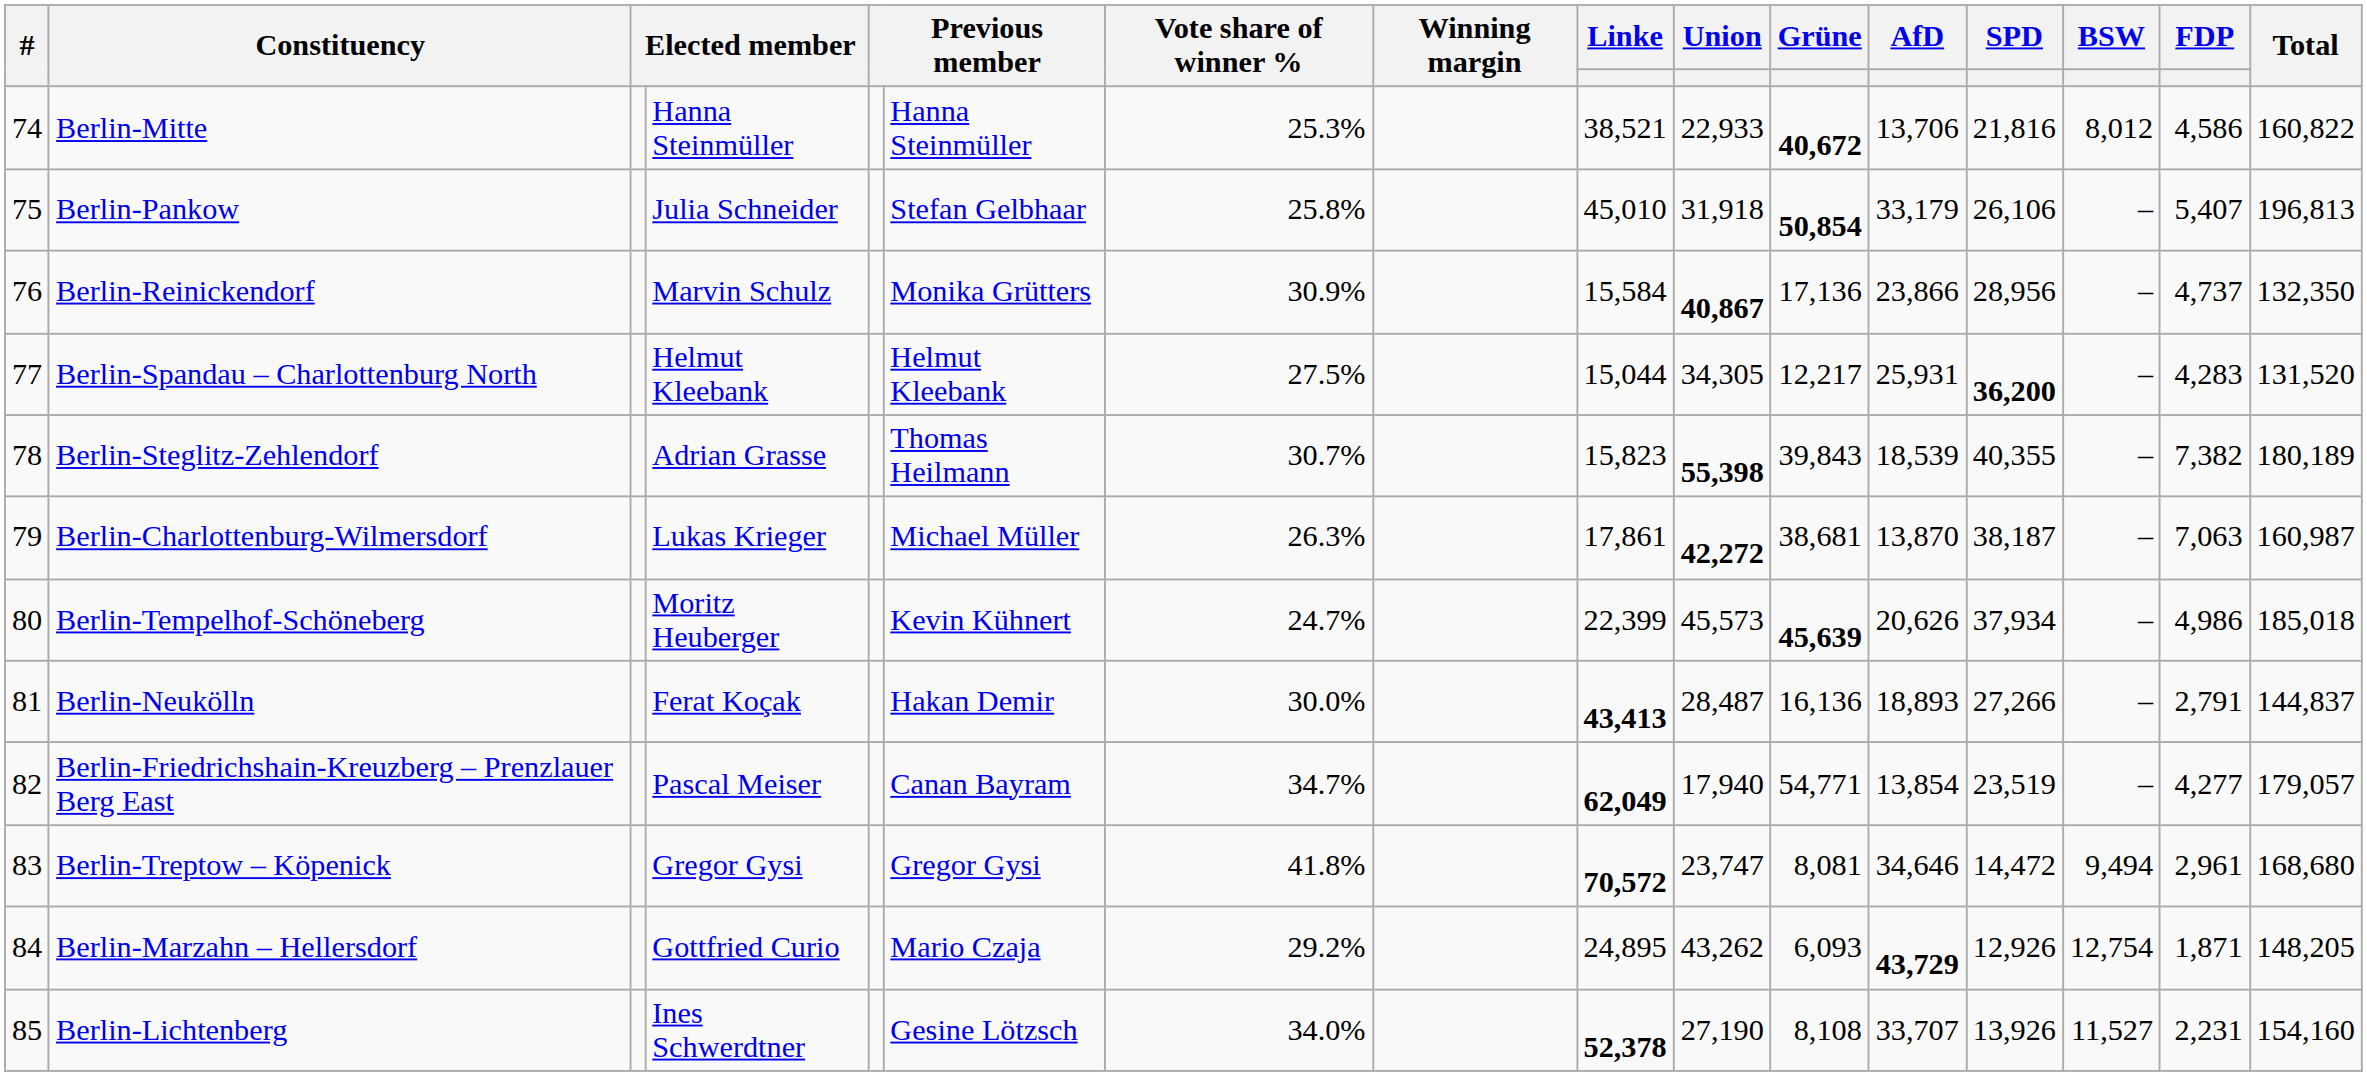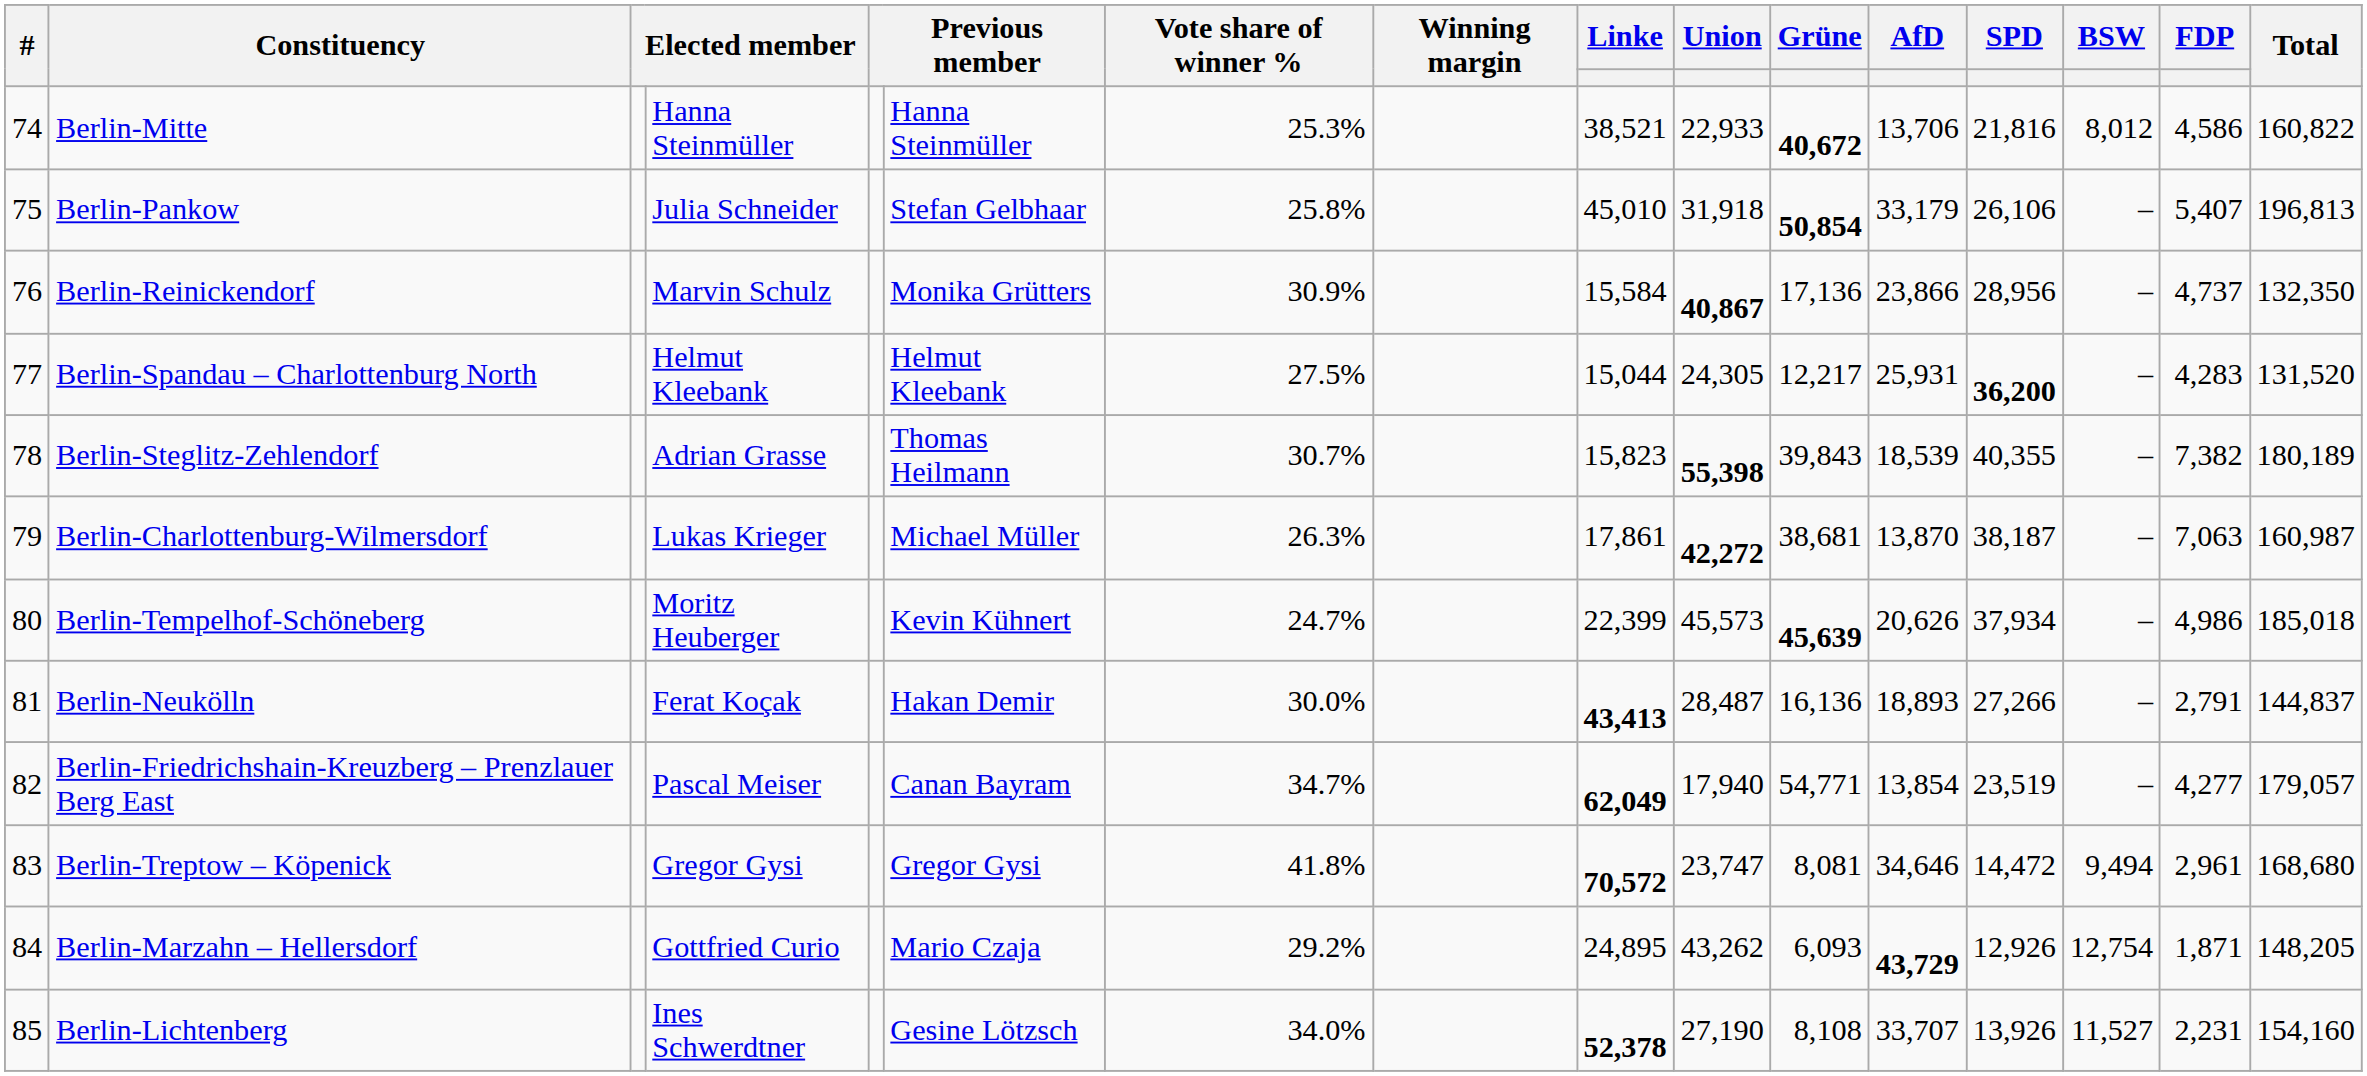 <table class="wikitable sortable" style="text-align:right">
 <tr>
 <th rowspan="2">#</th>
 <th rowspan="2">Constituency</th>
 <th rowspan="2" colspan="2">Elected member</th>
 <th rowspan="2" colspan="2">Previous member</th>
 <th rowspan="2">Vote share of winner %</th>
 <th rowspan="2">Winning margin</th>
 <th class="wikitable sortable" style="width:40px;"><a href='#'>Linke</a></th>
 <th class="wikitable sortable" style="width:40px;"><a href='#'>Union</a></th>
 <th class="wikitable sortable" style="width:40px;"><a href='#'>Grüne</a></th>
 <th class="wikitable sortable" style="width:40px;"><a href='#'>AfD</a></th>
 <th class="wikitable sortable" style="width:40px;"><a href='#'>SPD</a></th>
 <th class="wikitable sortable" style="width:40px;"><a href='#'>BSW</a></th>
 <th class="wikitable sortable" style="width:40px;"><a href='#'>FDP</a></th>
 <th class="wikitable sortable" style="width:40px;" rowspan="2">Total</th>
 </tr>
 <tr>
 <th class="wikitable sortable" style="background:"></th>
 <th class="wikitable sortable" style="background:"></th>
 <th class="wikitable sortable" style="background:"></th>
 <th class="wikitable sortable" style="background:"></th>
 <th class="wikitable sortable" style="background:"></th>
 <th class="wikitable sortable" style="background:"></th>
 <th class="wikitable sortable" style="background:"></th>
 </tr>
 <tr>
 <td>74</td>
 <td align=left><a href='#'>Berlin-Mitte</a></td>
 <td bgcolor=></td>
 <td align=left><a href='#'>Hanna Steinmüller</a></td>
 <td bgcolor=></td>
 <td align=left><a href='#'>Hanna Steinmüller</a></td>
 <td>25.3%</td>
 <td></td>
 <td>38,521</td>
 <td>22,933</td>
 <td><br><strong>40,672</strong></td>
 <td>13,706</td>
 <td>21,816</td>
 <td>8,012</td>
 <td>4,586</td>
 <td>160,822</td>
 </tr>
 <tr>
 <td>75</td>
 <td align=left><a href='#'>Berlin-Pankow</a></td>
 <td bgcolor=></td>
 <td align=left><a href='#'>Julia Schneider</a></td>
 <td bgcolor=></td>
 <td align=left><a href='#'>Stefan Gelbhaar</a></td>
 <td>25.8%</td>
 <td></td>
 <td>45,010</td>
 <td>31,918</td>
 <td><br><strong>50,854</strong></td>
 <td>33,179</td>
 <td>26,106</td>
 <td>–</td>
 <td>5,407</td>
 <td>196,813</td>
 </tr>
 <tr>
 <td>76</td>
 <td align=left><a href='#'>Berlin-Reinickendorf</a></td>
 <td bgcolor=></td>
 <td align=left><a href='#'>Marvin Schulz</a></td>
 <td bgcolor=></td>
 <td align=left><a href='#'>Monika Grütters</a></td>
 <td>30.9%</td>
 <td></td>
 <td>15,584</td>
 <td><br><strong>40,867</strong></td>
 <td>17,136</td>
 <td>23,866</td>
 <td>28,956</td>
 <td>–</td>
 <td>4,737</td>
 <td>132,350</td>
 </tr>
 <tr>
 <td>77</td>
 <td align=left><a href='#'>Berlin-Spandau – Charlottenburg North</a></td>
 <td bgcolor=></td>
 <td align=left><a href='#'>Helmut Kleebank</a></td>
 <td bgcolor=></td>
 <td align=left><a href='#'>Helmut Kleebank</a></td>
 <td>27.5%</td>
 <td></td>
 <td>15,044</td>
-<td>34,305</td>
+<td>24,305</td>
 <td>12,217</td>
 <td>25,931</td>
 <td><br><strong>36,200</strong></td>
 <td>–</td>
 <td>4,283</td>
 <td>131,520</td>
 </tr>
 <tr>
 <td>78</td>
 <td align=left><a href='#'>Berlin-Steglitz-Zehlendorf</a></td>
 <td bgcolor=></td>
 <td align=left><a href='#'>Adrian Grasse</a></td>
 <td bgcolor=></td>
 <td align=left><a href='#'>Thomas Heilmann</a></td>
 <td>30.7%</td>
 <td></td>
 <td>15,823</td>
 <td><br><strong>55,398</strong></td>
 <td>39,843</td>
 <td>18,539</td>
 <td>40,355</td>
 <td>–</td>
 <td>7,382</td>
 <td>180,189</td>
 </tr>
 <tr>
 <td>79</td>
 <td align=left><a href='#'>Berlin-Charlottenburg-Wilmersdorf</a></td>
 <td bgcolor=></td>
 <td align=left><a href='#'>Lukas Krieger</a></td>
 <td bgcolor=></td>
 <td align=left><a href='#'>Michael Müller</a></td>
 <td>26.3%</td>
 <td></td>
 <td>17,861</td>
 <td><br><strong>42,272</strong></td>
 <td>38,681</td>
 <td>13,870</td>
 <td>38,187</td>
 <td>–</td>
 <td>7,063</td>
 <td>160,987</td>
 </tr>
 <tr>
 <td>80</td>
 <td align=left><a href='#'>Berlin-Tempelhof-Schöneberg</a></td>
 <td bgcolor=></td>
 <td align=left><a href='#'>Moritz Heuberger</a></td>
 <td bgcolor=></td>
 <td align=left><a href='#'>Kevin Kühnert</a></td>
 <td>24.7%</td>
 <td></td>
 <td>22,399</td>
 <td>45,573</td>
 <td><br><strong>45,639</strong></td>
 <td>20,626</td>
 <td>37,934</td>
 <td>–</td>
 <td>4,986</td>
 <td>185,018</td>
 </tr>
 <tr>
 <td>81</td>
 <td align=left><a href='#'>Berlin-Neukölln</a></td>
 <td bgcolor=></td>
 <td align=left><a href='#'>Ferat Koçak</a></td>
 <td bgcolor=></td>
 <td align=left><a href='#'>Hakan Demir</a></td>
 <td>30.0%</td>
 <td></td>
 <td><br><strong>43,413</strong></td>
 <td>28,487</td>
 <td>16,136</td>
 <td>18,893</td>
 <td>27,266</td>
 <td>–</td>
 <td>2,791</td>
 <td>144,837</td>
 </tr>
 <tr>
 <td>82</td>
 <td align=left><a href='#'>Berlin-Friedrichshain-Kreuzberg – Prenzlauer Berg East</a></td>
 <td bgcolor=></td>
 <td align=left><a href='#'>Pascal Meiser</a></td>
 <td bgcolor=></td>
 <td align=left><a href='#'>Canan Bayram</a></td>
 <td>34.7%</td>
 <td></td>
 <td><br><strong>62,049</strong></td>
 <td>17,940</td>
 <td>54,771</td>
 <td>13,854</td>
 <td>23,519</td>
 <td>–</td>
 <td>4,277</td>
 <td>179,057</td>
 </tr>
 <tr>
 <td>83</td>
 <td align=left><a href='#'>Berlin-Treptow – Köpenick</a></td>
 <td bgcolor=></td>
 <td align=left><a href='#'>Gregor Gysi</a></td>
 <td bgcolor=></td>
 <td align=left><a href='#'>Gregor Gysi</a></td>
 <td>41.8%</td>
 <td></td>
 <td><br><strong>70,572</strong></td>
 <td>23,747</td>
 <td>8,081</td>
 <td>34,646</td>
 <td>14,472</td>
 <td>9,494</td>
 <td>2,961</td>
 <td>168,680</td>
 </tr>
 <tr>
 <td>84</td>
 <td align=left><a href='#'>Berlin-Marzahn – Hellersdorf</a></td>
 <td bgcolor=></td>
 <td align=left><a href='#'>Gottfried Curio</a></td>
 <td bgcolor=></td>
 <td align=left><a href='#'>Mario Czaja</a></td>
 <td>29.2%</td>
 <td></td>
 <td>24,895</td>
 <td>43,262</td>
 <td>6,093</td>
 <td><br><strong>43,729</strong></td>
 <td>12,926</td>
 <td>12,754</td>
 <td>1,871</td>
 <td>148,205</td>
 </tr>
 <tr>
 <td>85</td>
 <td align=left><a href='#'>Berlin-Lichtenberg</a></td>
 <td bgcolor=></td>
 <td align=left><a href='#'>Ines Schwerdtner</a></td>
 <td bgcolor=></td>
 <td align=left><a href='#'>Gesine Lötzsch</a></td>
 <td>34.0%</td>
 <td></td>
 <td><br><strong>52,378</strong></td>
 <td>27,190</td>
 <td>8,108</td>
 <td>33,707</td>
 <td>13,926</td>
 <td>11,527</td>
 <td>2,231</td>
 <td>154,160</td>
 </tr>
 </table>
